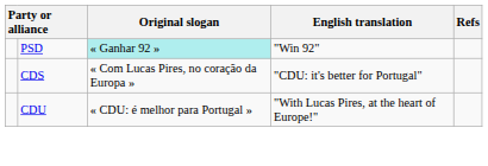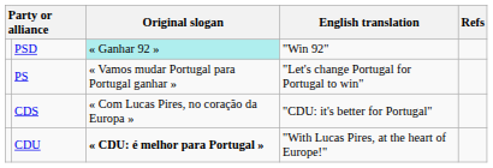 <table class="wikitable" style="font-size:97%; text-align:left;">
 <tr>
 <th style="text-align:left;" colspan="2">Party or alliance</th>
 <th>Original slogan</th>
 <th>English translation</th>
 <th>Refs</th>
 </tr>
 <tr>
 <td style="color:inherit;background:"></td>
 <td><a href='#'>PSD</a></td>
 <td style="background: paleturquoise;">« Ganhar 92 »</td>
 <td>"Win 92"</td>
 <td></td>
 </tr>
 <tr>
+<td width="1" style="color:inherit;background:"></td>
+<td><a href='#'>PS</a></td>
+<td>« Vamos mudar Portugal para Portugal ganhar »</td>
+<td>"Let's change Portugal for Portugal to win"</td>
+<td></td>
+</tr>
+<tr>
 <td style="color:inherit;background:"></td>
 <td><a href='#'>CDS</a></td>
 <td>« Com Lucas Pires, no coração da Europa »</td>
 <td>"CDU: it's better for Portugal"</td>
 <td></td>
 </tr>
 <tr>
 <td style="color:inherit;background:"></td>
 <td><a href='#'>CDU</a></td>
-<td>« CDU: é melhor para Portugal »</td>
+<td><strong>« CDU: é melhor para Portugal »</strong></td>
 <td>"With Lucas Pires, at the heart of Europe!"</td>
 <td></td>
 </tr>
 </table>
